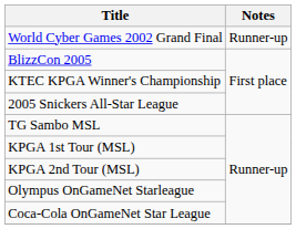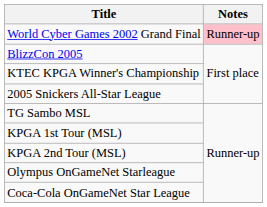 <table class="wikitable">
 <tr>
 <th>Title</th>
 <th>Notes</th>
 </tr>
 <tr>
 <td><a href='#'>World Cyber Games 2002</a> Grand Final</td>
-<td>Runner-up</td>
+<td style="background: pink;">Runner-up</td>
 </tr>
 <tr>
 <td><a href='#'>BlizzCon 2005</a></td>
 <td rowspan="3">First place</td>
 </tr>
 <tr>
 <td>KTEC KPGA Winner's Championship</td>
 </tr>
 <tr>
 <td>2005 Snickers All-Star League</td>
 </tr>
 <tr>
 <td>TG Sambo MSL</td>
 <td rowspan="5">Runner-up</td>
 </tr>
 <tr>
 <td>KPGA 1st Tour (MSL)</td>
 </tr>
 <tr>
 <td>KPGA 2nd Tour (MSL)</td>
 </tr>
 <tr>
 <td>Olympus OnGameNet Starleague</td>
 </tr>
 <tr>
 <td>Coca-Cola OnGameNet Star League</td>
 </tr>
 <tr>
 </tr>
 </table>
